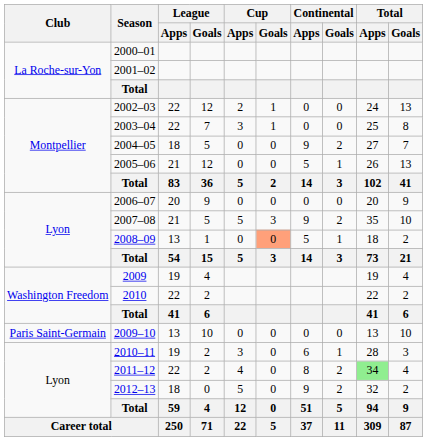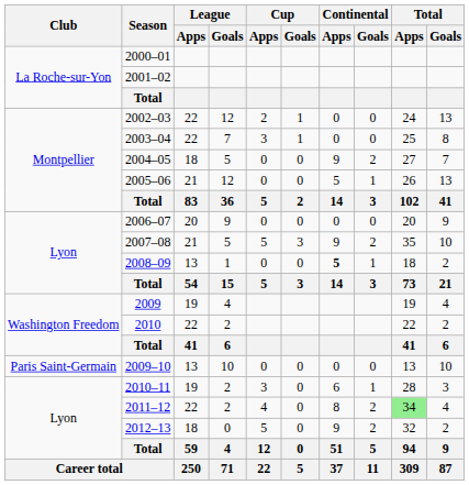 <table class="wikitable" style="text-align:center">
 <tr>
 <th rowspan="2">Club</th>
 <th rowspan="2">Season</th>
 <th colspan="2">League</th>
 <th colspan="2">Cup</th>
 <th colspan="2">Continental</th>
 <th colspan="2">Total</th>
 </tr>
 <tr>
 <th>Apps</th>
 <th>Goals</th>
 <th>Apps</th>
 <th>Goals</th>
 <th>Apps</th>
 <th>Goals</th>
 <th>Apps</th>
 <th>Goals</th>
 </tr>
 <tr>
 <td rowspan="3"><a href='#'>La Roche-sur-Yon</a></td>
 <td>2000–01</td>
 <td></td>
 <td></td>
 <td></td>
 <td></td>
 <td></td>
 <td></td>
 <td></td>
 <td></td>
 </tr>
 <tr>
 <td>2001–02</td>
 <td></td>
 <td></td>
 <td></td>
 <td></td>
 <td></td>
 <td></td>
 <td></td>
 <td></td>
 </tr>
 <tr>
 <th>Total</th>
 <th></th>
 <th></th>
 <th></th>
 <th></th>
 <th></th>
 <th></th>
 <th></th>
 <th></th>
 </tr>
 <tr>
 <td rowspan="5"><a href='#'>Montpellier</a></td>
 <td>2002–03</td>
 <td>22</td>
 <td>12</td>
 <td>2</td>
 <td>1</td>
 <td>0</td>
 <td>0</td>
 <td>24</td>
 <td>13</td>
 </tr>
 <tr>
 <td>2003–04</td>
 <td>22</td>
 <td>7</td>
 <td>3</td>
 <td>1</td>
 <td>0</td>
 <td>0</td>
 <td>25</td>
 <td>8</td>
 </tr>
 <tr>
 <td>2004–05</td>
 <td>18</td>
 <td>5</td>
 <td>0</td>
 <td>0</td>
 <td>9</td>
 <td>2</td>
 <td>27</td>
 <td>7</td>
 </tr>
 <tr>
 <td>2005–06</td>
 <td>21</td>
 <td>12</td>
 <td>0</td>
 <td>0</td>
 <td>5</td>
 <td>1</td>
 <td>26</td>
 <td>13</td>
 </tr>
 <tr>
 <th>Total</th>
 <th>83</th>
 <th>36</th>
 <th>5</th>
 <th>2</th>
 <th>14</th>
 <th>3</th>
 <th>102</th>
 <th>41</th>
 </tr>
 <tr>
 <td rowspan="4"><a href='#'>Lyon</a></td>
 <td>2006–07</td>
 <td>20</td>
 <td>9</td>
 <td>0</td>
 <td>0</td>
 <td>0</td>
 <td>0</td>
 <td>20</td>
 <td>9</td>
 </tr>
 <tr>
 <td>2007–08</td>
 <td>21</td>
 <td>5</td>
 <td>5</td>
 <td>3</td>
 <td>9</td>
 <td>2</td>
 <td>35</td>
 <td>10</td>
 </tr>
 <tr>
 <td><a href='#'>2008–09</a></td>
 <td>13</td>
 <td>1</td>
 <td>0</td>
-<td style="background: lightsalmon;">0</td>
-<td>5</td>
+<td>0</td>
+<td><strong>5</strong></td>
 <td>1</td>
 <td>18</td>
 <td>2</td>
 </tr>
 <tr>
 <th>Total</th>
 <th>54</th>
 <th>15</th>
 <th>5</th>
 <th>3</th>
 <th>14</th>
 <th>3</th>
 <th>73</th>
 <th>21</th>
 </tr>
 <tr>
 <td rowspan="3"><a href='#'>Washington Freedom</a></td>
 <td><a href='#'>2009</a></td>
 <td>19</td>
 <td>4</td>
 <td></td>
 <td></td>
 <td></td>
 <td></td>
 <td>19</td>
 <td>4</td>
 </tr>
 <tr>
 <td><a href='#'>2010</a></td>
 <td>22</td>
 <td>2</td>
 <td></td>
 <td></td>
 <td></td>
 <td></td>
 <td>22</td>
 <td>2</td>
 </tr>
 <tr>
 <th>Total</th>
 <th>41</th>
 <th>6</th>
 <th></th>
 <th></th>
 <th></th>
 <th></th>
 <th>41</th>
 <th>6</th>
 </tr>
 <tr>
 <td><a href='#'>Paris Saint-Germain</a></td>
 <td><a href='#'>2009–10</a></td>
 <td>13</td>
 <td>10</td>
 <td>0</td>
 <td>0</td>
 <td>0</td>
 <td>0</td>
 <td>13</td>
 <td>10</td>
 </tr>
 <tr>
 <td rowspan="4">Lyon</td>
 <td><a href='#'>2010–11</a></td>
 <td>19</td>
 <td>2</td>
 <td>3</td>
 <td>0</td>
 <td>6</td>
 <td>1</td>
 <td>28</td>
 <td>3</td>
 </tr>
 <tr>
 <td><a href='#'>2011–12</a></td>
 <td>22</td>
 <td>2</td>
 <td>4</td>
 <td>0</td>
 <td>8</td>
 <td>2</td>
 <td style="background: lightgreen;">34</td>
 <td>4</td>
 </tr>
 <tr>
 <td><a href='#'>2012–13</a></td>
 <td>18</td>
 <td>0</td>
 <td>5</td>
 <td>0</td>
 <td>9</td>
 <td>2</td>
 <td>32</td>
 <td>2</td>
 </tr>
 <tr>
 <th>Total</th>
 <th>59</th>
 <th>4</th>
 <th>12</th>
 <th>0</th>
 <th>51</th>
 <th>5</th>
 <th>94</th>
 <th>9</th>
 </tr>
 <tr>
 <th colspan="2">Career total</th>
 <th>250</th>
 <th>71</th>
 <th>22</th>
 <th>5</th>
 <th>37</th>
 <th>11</th>
 <th>309</th>
 <th>87</th>
 </tr>
 </table>
